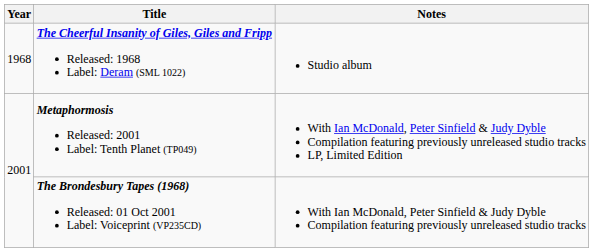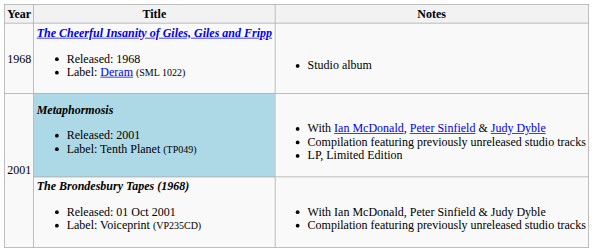 <table class="wikitable">
 <tr>
 <th>Year</th>
 <th>Title</th>
 <th>Notes</th>
 </tr>
 <tr>
 <td>1968</td>
 <td><strong><em><a href='#'>The Cheerful Insanity of Giles, Giles and Fripp</a></em></strong><br><ul><li>Released: 1968</li><li>Label: <a href='#'>Deram</a> <small>(SML 1022)</small></li></ul></td>
 <td><br><ul><li>Studio album</li></ul></td>
 </tr>
 <tr>
 <td rowspan="2">2001</td>
-<td><strong><em>Metaphormosis</em></strong><br><ul><li>Released: 2001</li><li>Label: Tenth Planet <small>(TP049)</small></li></ul></td>
+<td style="background: lightblue;"><strong><em>Metaphormosis</em></strong><br><ul><li>Released: 2001</li><li>Label: Tenth Planet <small>(TP049)</small></li></ul></td>
 <td><br><ul><li>With <a href='#'>Ian McDonald</a>, <a href='#'>Peter Sinfield</a> & <a href='#'>Judy Dyble</a></li><li>Compilation featuring previously unreleased studio tracks</li><li>LP, Limited Edition</li></ul></td>
 </tr>
 <tr>
 <td><strong><em>The Brondesbury Tapes (1968)</em></strong><br><ul><li>Released: 01 Oct 2001</li><li>Label: Voiceprint <small>(VP235CD)</small></li></ul></td>
 <td><br><ul><li>With Ian McDonald, Peter Sinfield & Judy Dyble</li><li>Compilation featuring previously unreleased studio tracks</li></ul></td>
 </tr>
 </table>
